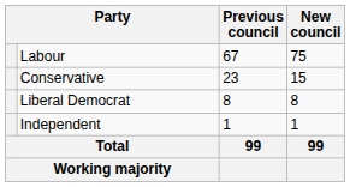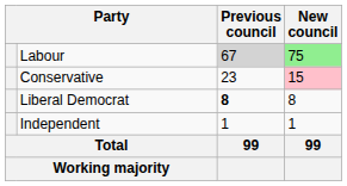 <table class="wikitable">
 <tr>
 <th valign=top colspan="2" style="width: 230px">Party</th>
 <th valign=top style="width: 30px">Previous council</th>
 <th valign=top style="width: 30px">New council</th>
 </tr>
 <tr>
 <th style="background-color: "></th>
 <td>Labour</td>
-<td>67</td>
-<td>75</td>
+<td style="background: lightgrey;">67</td>
+<td style="background: lightgreen;">75</td>
 </tr>
 <tr>
 <th style="background-color: "></th>
 <td>Conservative</td>
 <td>23</td>
-<td>15</td>
+<td style="background: pink;">15</td>
 </tr>
 <tr>
 <th style="background-color: "></th>
 <td>Liberal Democrat</td>
-<td>8</td>
+<td><strong>8</strong></td>
 <td>8</td>
 </tr>
 <tr>
 <th style="background-color: "></th>
 <td>Independent</td>
 <td>1</td>
 <td>1</td>
 </tr>
 <tr>
 <th colspan=2>Total</th>
 <th style="text-align: center">99</th>
 <th colspan=3>99</th>
 </tr>
 <tr>
 <th colspan=2>Working majority</th>
 <th></th>
 <th></th>
 </tr>
 </table>
